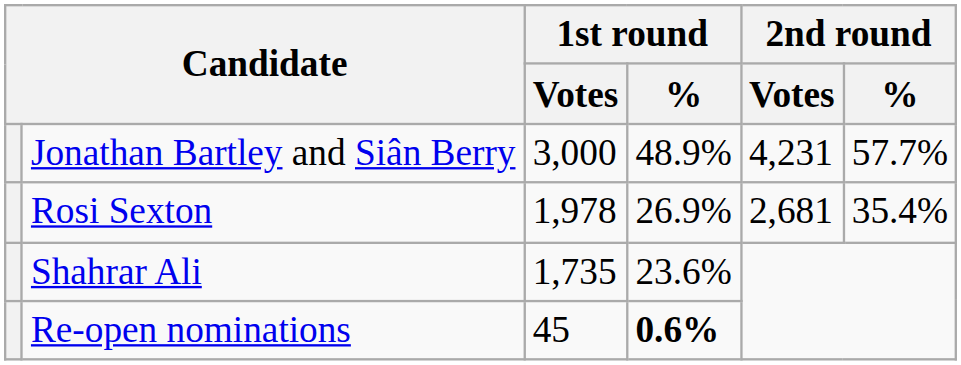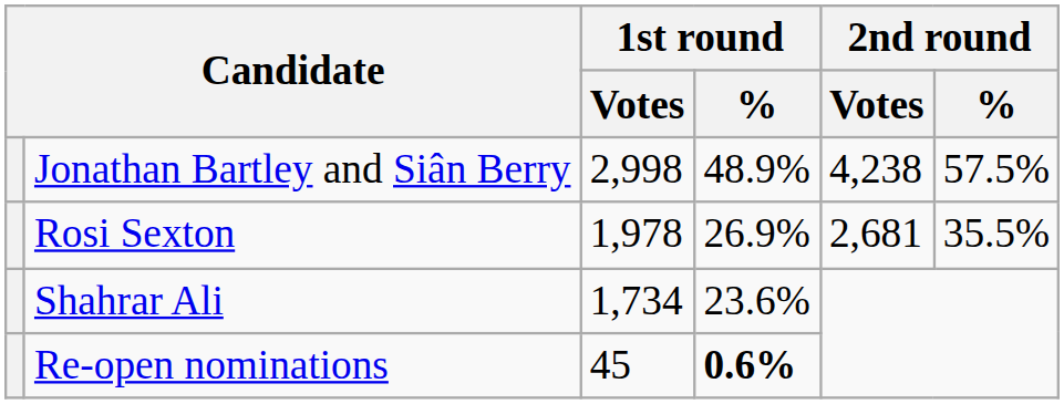 <table class="wikitable">
 <tr style="background:#e9e9e9;">
 <th colspan="2" rowspan="2">Candidate</th>
 <th colspan="2">1st round</th>
 <th colspan="2">2nd round</th>
 </tr>
 <tr>
 <th>Votes</th>
 <th>%</th>
 <th>Votes</th>
 <th>%</th>
 </tr>
 <tr>
 <th style="background-color: "></th>
 <td><a href='#'>Jonathan Bartley</a> and <a href='#'>Siân Berry</a></td>
-<td>3,000</td>
+<td>2,998</td>
 <td>48.9%</td>
-<td>4,231</td>
-<td>57.7%</td>
+<td>4,238</td>
+<td>57.5%</td>
 </tr>
 <tr>
 <th style="background-color: "></th>
 <td><a href='#'>Rosi Sexton</a></td>
 <td>1,978</td>
 <td>26.9%</td>
 <td>2,681</td>
-<td>35.4%</td>
+<td>35.5%</td>
 </tr>
 <tr>
 <th style="background-color: "></th>
 <td><a href='#'>Shahrar Ali</a></td>
-<td>1,735</td>
+<td>1,734</td>
 <td>23.6%</td>
 <td colspan="2" rowspan="2"></td>
 </tr>
 <tr>
 <th style="background-color: "></th>
 <td><a href='#'>Re-open nominations</a></td>
 <td>45</td>
 <td><strong>0.6%</strong></td>
 </tr>
 </table>
